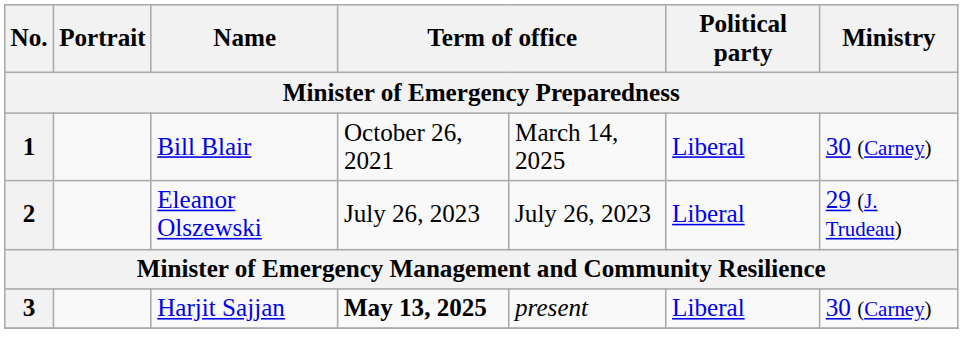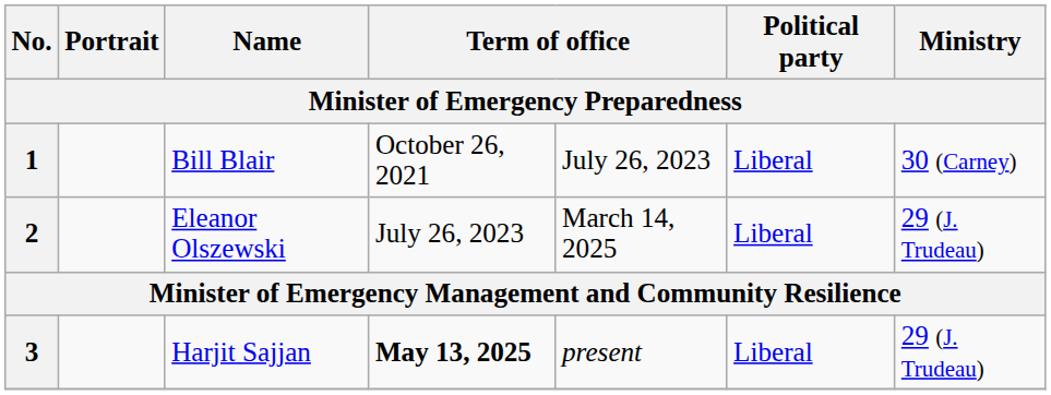 <table class="wikitable">
 <tr>
 <th>No.</th>
 <th>Portrait</th>
 <th>Name</th>
 <th colspan=2>Term of office</th>
 <th>Political party</th>
 <th>Ministry</th>
 </tr>
 <tr>
 <th colspan=7>Minister of Emergency Preparedness</th>
 </tr>
 <tr>
 <th style="background:">1</th>
 <td></td>
 <td><a href='#'>Bill Blair</a></td>
 <td>October 26, 2021</td>
-<td>March 14, 2025</td>
+<td>July 26, 2023</td>
 <td><a href='#'>Liberal</a></td>
 <td><a href='#'>30</a> <small>(<a href='#'>Carney</a>)</small></td>
 </tr>
 <tr>
 <th style="background:">2</th>
 <td></td>
 <td><a href='#'>Eleanor Olszewski</a></td>
 <td>July 26, 2023</td>
-<td>July 26, 2023</td>
+<td>March 14, 2025</td>
 <td><a href='#'>Liberal</a></td>
 <td><a href='#'>29</a> <small>(<a href='#'>J. Trudeau</a>)</small></td>
 </tr>
 <tr>
 <th colspan=7>Minister of Emergency Management and Community Resilience</th>
 </tr>
 <tr>
 <th style="background:">3</th>
 <td></td>
 <td><a href='#'>Harjit Sajjan</a></td>
 <td><strong>May 13, 2025</strong></td>
 <td><em>present</em></td>
 <td><a href='#'>Liberal</a></td>
-<td><a href='#'>30</a> <small>(<a href='#'>Carney</a>)</small></td>
+<td><a href='#'>29</a> <small>(<a href='#'>J. Trudeau</a>)</small></td>
 </tr>
 <tr>
 </tr>
 </table>
